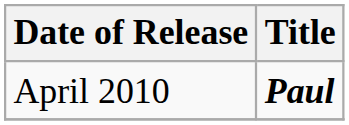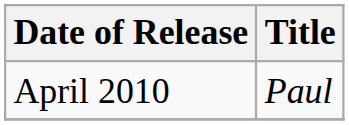 <table class="wikitable sortable">
 <tr>
 <th>Date of Release</th>
 <th>Title</th>
 </tr>
 <tr>
 <td>April 2010</td>
-<td><strong><em>Paul</em></strong></td>
+<td><em>Paul</em></td>
 </tr>
 <tr>
 </tr>
 </table>
